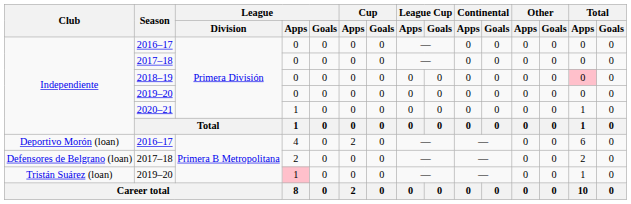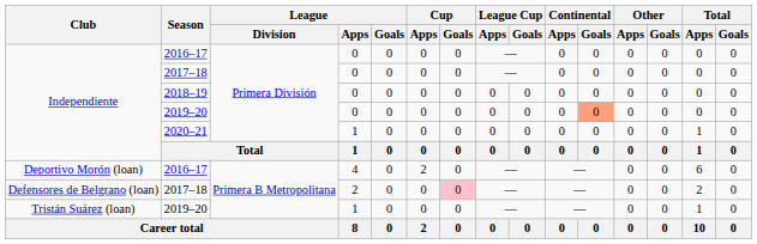 <table class="wikitable" style="text-align:center">
 <tr>
 <th rowspan="2">Club</th>
 <th rowspan="2">Season</th>
 <th colspan="3">League</th>
 <th colspan="2">Cup</th>
 <th colspan="2">League Cup</th>
 <th colspan="2">Continental</th>
 <th colspan="2">Other</th>
 <th colspan="2">Total</th>
 </tr>
 <tr>
 <th>Division</th>
 <th>Apps</th>
 <th>Goals</th>
 <th>Apps</th>
 <th>Goals</th>
 <th>Apps</th>
 <th>Goals</th>
 <th>Apps</th>
 <th>Goals</th>
 <th>Apps</th>
 <th>Goals</th>
 <th>Apps</th>
 <th>Goals</th>
 </tr>
 <tr>
 <td rowspan="6"><a href='#'>Independiente</a></td>
 <td><a href='#'>2016–17</a></td>
 <td rowspan="5"><a href='#'>Primera División</a></td>
 <td>0</td>
 <td>0</td>
 <td>0</td>
 <td>0</td>
 <td colspan="2">—</td>
 <td>0</td>
 <td>0</td>
 <td>0</td>
 <td>0</td>
 <td>0</td>
 <td>0</td>
 </tr>
 <tr>
 <td><a href='#'>2017–18</a></td>
 <td>0</td>
 <td>0</td>
 <td>0</td>
 <td>0</td>
 <td colspan="2">—</td>
 <td>0</td>
 <td>0</td>
 <td>0</td>
 <td>0</td>
 <td>0</td>
 <td>0</td>
 </tr>
 <tr>
 <td><a href='#'>2018–19</a></td>
 <td>0</td>
 <td>0</td>
 <td>0</td>
 <td>0</td>
 <td>0</td>
 <td>0</td>
 <td>0</td>
 <td>0</td>
 <td>0</td>
 <td>0</td>
-<td style="background: pink;">0</td>
+<td>0</td>
 <td>0</td>
 </tr>
 <tr>
 <td><a href='#'>2019–20</a></td>
 <td>0</td>
 <td>0</td>
 <td>0</td>
 <td>0</td>
 <td>0</td>
 <td>0</td>
 <td>0</td>
-<td>0</td>
+<td style="background: lightsalmon;">0</td>
 <td>0</td>
 <td>0</td>
 <td>0</td>
 <td>0</td>
 </tr>
 <tr>
 <td><a href='#'>2020–21</a></td>
 <td>1</td>
 <td>0</td>
 <td>0</td>
 <td>0</td>
 <td>0</td>
 <td>0</td>
 <td>0</td>
 <td>0</td>
 <td>0</td>
 <td>0</td>
 <td>1</td>
 <td>0</td>
 </tr>
 <tr>
 <th colspan="2">Total</th>
 <th>1</th>
 <th>0</th>
 <th>0</th>
 <th>0</th>
 <th>0</th>
 <th>0</th>
 <th>0</th>
 <th>0</th>
 <th>0</th>
 <th>0</th>
 <th>1</th>
 <th>0</th>
 </tr>
 <tr>
 <td rowspan="1"><a href='#'>Deportivo Morón</a> (loan)</td>
 <td><a href='#'>2016–17</a></td>
 <td rowspan="3"><a href='#'>Primera B Metropolitana</a></td>
 <td>4</td>
 <td>0</td>
 <td>2</td>
 <td>0</td>
 <td colspan="2">—</td>
 <td colspan="2">—</td>
 <td>0</td>
 <td>0</td>
 <td>6</td>
 <td>0</td>
 </tr>
 <tr>
 <td rowspan="1"><a href='#'>Defensores de Belgrano</a> (loan)</td>
 <td>2017–18</td>
 <td>2</td>
 <td>0</td>
 <td>0</td>
-<td>0</td>
+<td style="background: pink;">0</td>
 <td colspan="2">—</td>
 <td colspan="2">—</td>
 <td>0</td>
 <td>0</td>
 <td>2</td>
 <td>0</td>
 </tr>
 <tr>
 <td rowspan="1"><a href='#'>Tristán Suárez</a> (loan)</td>
 <td>2019–20</td>
-<td style="background: pink;">1</td>
+<td>1</td>
 <td>0</td>
 <td>0</td>
 <td>0</td>
 <td colspan="2">—</td>
 <td colspan="2">—</td>
 <td>0</td>
 <td>0</td>
 <td>1</td>
 <td>0</td>
 </tr>
 <tr>
 <th colspan="3">Career total</th>
 <th>8</th>
 <th>0</th>
 <th>2</th>
 <th>0</th>
 <th>0</th>
 <th>0</th>
 <th>0</th>
 <th>0</th>
 <th>0</th>
 <th>0</th>
 <th>10</th>
 <th>0</th>
 </tr>
 </table>
